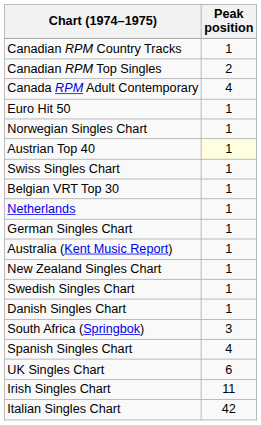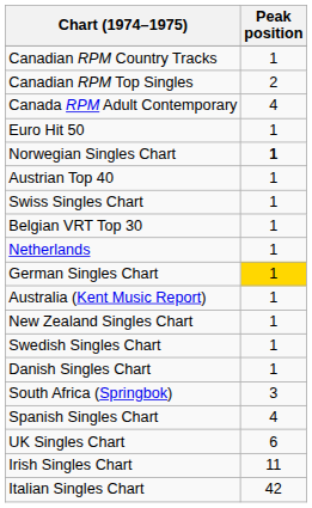 <table class="wikitable sortable">
 <tr>
 <th>Chart (1974–1975)</th>
 <th>Peak<br>position</th>
 </tr>
 <tr>
 </tr>
 <tr>
 </tr>
 <tr>
 </tr>
 <tr>
 <td>Canadian <em>RPM</em> Country Tracks</td>
 <td style="text-align:center;">1</td>
 </tr>
 <tr>
 <td>Canadian <em>RPM</em> Top Singles</td>
 <td style="text-align:center;">2</td>
 </tr>
 <tr>
 <td>Canada <em><a href='#'>RPM</a></em> Adult Contemporary</td>
 <td style="text-align:center;">4</td>
 </tr>
 <tr>
 <td>Euro Hit 50</td>
 <td style="text-align:center;">1</td>
 </tr>
 <tr>
 <td>Norwegian Singles Chart</td>
-<td style="text-align:center;">1</td>
+<td style="text-align:center;"><strong>1</strong></td>
 </tr>
 <tr>
 <td>Austrian Top 40</td>
-<td style="background: lightyellow; text-align:center;">1</td>
+<td style="text-align:center;">1</td>
 </tr>
 <tr>
 <td>Swiss Singles Chart</td>
 <td style="text-align:center;">1</td>
 </tr>
 <tr>
 <td>Belgian VRT Top 30</td>
 <td style="text-align:center;">1</td>
 </tr>
 <tr>
 <td><a href='#'>Netherlands</a></td>
 <td style="text-align:center;">1</td>
 </tr>
 <tr>
 <td>German Singles Chart</td>
-<td style="text-align:center;">1</td>
+<td style="background: gold; text-align:center;">1</td>
 </tr>
 <tr>
 <td>Australia (<a href='#'>Kent Music Report</a>)</td>
 <td style="text-align:center;">1</td>
 </tr>
 <tr>
 <td>New Zealand Singles Chart</td>
 <td style="text-align:center;">1</td>
 </tr>
 <tr>
 <td>Swedish Singles Chart</td>
 <td style="text-align:center;">1</td>
 </tr>
 <tr>
 <td>Danish Singles Chart</td>
 <td style="text-align:center;">1</td>
 </tr>
 <tr>
 <td>South Africa (<a href='#'>Springbok</a>)</td>
 <td align="center">3</td>
 </tr>
 <tr>
 <td>Spanish Singles Chart</td>
 <td style="text-align:center;">4</td>
 </tr>
 <tr>
 <td>UK Singles Chart</td>
 <td style="text-align:center;">6</td>
 </tr>
 <tr>
 <td>Irish Singles Chart</td>
 <td style="text-align:center;">11</td>
 </tr>
 <tr>
 <td>Italian Singles Chart</td>
 <td style="text-align:center;">42</td>
 </tr>
 </table>
